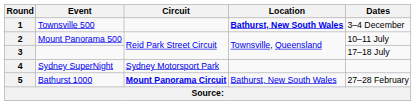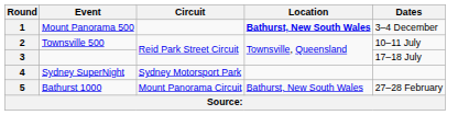 <table class="wikitable" style="font-size: 85%">
 <tr>
 <th>Round</th>
 <th>Event</th>
 <th>Circuit</th>
 <th>Location</th>
 <th>Dates</th>
 </tr>
 <tr>
 <th>1</th>
-<td><a href='#'>Townsville 500</a></td>
+<td><a href='#'>Mount Panorama 500</a></td>
 <td></td>
 <td><strong><a href='#'>Bathurst, New South Wales</a></strong></td>
 <td>3–4 December</td>
 </tr>
 <tr>
 <th>2</th>
-<td><a href='#'>Mount Panorama 500</a></td>
+<td><a href='#'>Townsville 500</a></td>
 <td rowspan=2> <a href='#'>Reid Park Street Circuit</a></td>
 <td rowspan=2><a href='#'>Townsville</a>, <a href='#'>Queensland</a></td>
 <td>10–11 July</td>
 </tr>
 <tr>
 <th>3</th>
 <td></td>
 <td>17–18 July</td>
 </tr>
 <tr>
 <th>4</th>
 <td><a href='#'>Sydney SuperNight</a></td>
 <td> <a href='#'>Sydney Motorsport Park</a></td>
 <td></td>
 <td></td>
 </tr>
 <tr>
 <th>5</th>
 <td><a href='#'>Bathurst 1000</a></td>
-<td><strong> <a href='#'>Mount Panorama Circuit</a></strong></td>
+<td> <a href='#'>Mount Panorama Circuit</a></td>
 <td><a href='#'>Bathurst, New South Wales</a></td>
 <td>27–28 February</td>
 </tr>
 <tr>
 <th colspan="5">Source:</th>
 </tr>
 </table>
